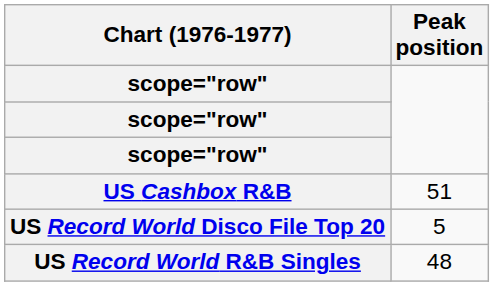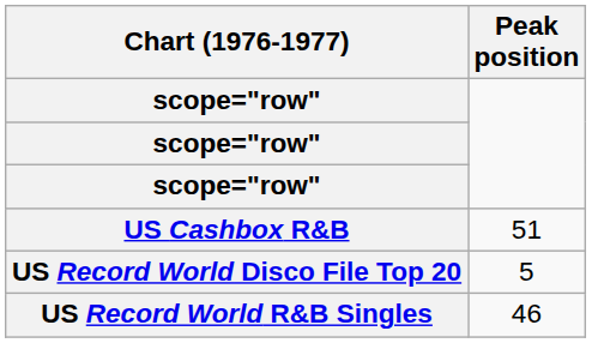 <table class="wikitable sortable plainrowheaders">
 <tr>
 <th scope="col">Chart (1976-1977)</th>
 <th scope="col">Peak<br>position</th>
 </tr>
 <tr>
 <th>scope="row" </th>
 </tr>
 <tr>
 <th>scope="row" </th>
 </tr>
 <tr>
 <th>scope="row" </th>
 </tr>
 <tr>
 <th scope="row"><a href='#'>US <em>Cashbox</em> R&B</a></th>
 <td style="text-align:center;">51</td>
 </tr>
 <tr>
 <th scope="row">US <a href='#'><em>Record World</em> Disco File Top 20</a></th>
 <td style="text-align:center;">5</td>
 </tr>
 <tr>
 <th scope="row">US <a href='#'><em>Record World</em> R&B Singles</a></th>
-<td style="text-align:center;">48</td>
+<td style="text-align:center;">46</td>
 </tr>
 </table>
